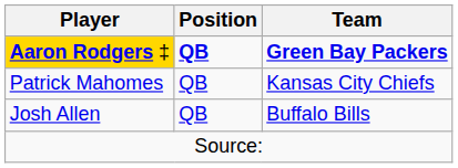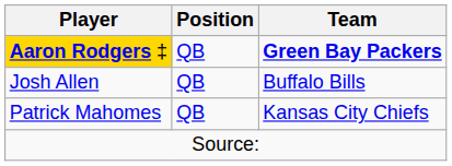 <table class="wikitable sortable">
 <tr>
 <th>Player</th>
 <th>Position</th>
 <th>Team</th>
 </tr>
 <tr>
 <td style="background-color:Gold; border:1px solid #aaaaaa"><strong><a href='#'>Aaron Rodgers</a></strong> ‡</td>
-<td><strong><a href='#'>QB</a></strong></td>
+<td><a href='#'>QB</a></td>
 <td><strong><a href='#'>Green Bay Packers</a></strong></td>
+</tr>
+<tr>
+<td><a href='#'>Josh Allen</a></td>
+<td><a href='#'>QB</a></td>
+<td><a href='#'>Buffalo Bills</a></td>
 </tr>
 <tr>
 <td><a href='#'>Patrick Mahomes</a></td>
 <td><a href='#'>QB</a></td>
 <td><a href='#'>Kansas City Chiefs</a></td>
 </tr>
 <tr>
-<td><a href='#'>Josh Allen</a></td>
-<td><a href='#'>QB</a></td>
-<td><a href='#'>Buffalo Bills</a></td>
-</tr>
-<tr>
 <td colspan="3" style="text-align:center;">Source:</td>
 </tr>
 </table>
